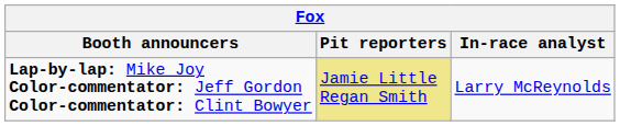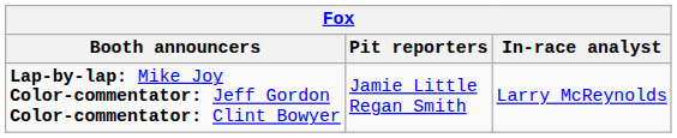 <table class="wikitable" style="font-size: 95%">
 <tr>
 <th colspan="3"><a href='#'>Fox</a></th>
 </tr>
 <tr>
 <th>Booth announcers</th>
 <th>Pit reporters</th>
 <th>In-race analyst</th>
 </tr>
 <tr>
 <td><strong>Lap-by-lap:</strong> <a href='#'>Mike Joy</a><br><strong>Color-commentator:</strong> <a href='#'>Jeff Gordon</a><br><strong>Color-commentator:</strong> <a href='#'>Clint Bowyer</a></td>
-<td style="background: khaki;"><a href='#'>Jamie Little</a><br><a href='#'>Regan Smith</a></td>
+<td><a href='#'>Jamie Little</a><br><a href='#'>Regan Smith</a></td>
 <td><a href='#'>Larry McReynolds</a></td>
 </tr>
 </table>
